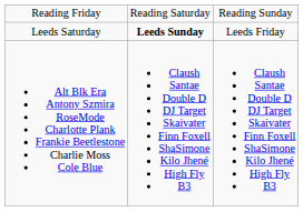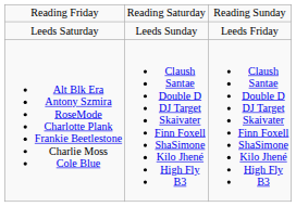 <table class="wikitable" style="text-align:center;">
 <tr>
 <td>Reading Friday</td>
 <td>Reading Saturday</td>
 <td>Reading Sunday</td>
 </tr>
 <tr>
 <td>Leeds Saturday</td>
-<td><strong>Leeds Sunday</strong></td>
+<td>Leeds Sunday</td>
 <td>Leeds Friday</td>
 </tr>
 <tr>
 <td><br><ul><li><a href='#'>Alt Blk Era</a></li><li><a href='#'>Antony Szmira</a></li><li><a href='#'>RoseMode</a></li><li><a href='#'>Charlotte Plank</a></li><li><a href='#'>Frankie Beetlestone</a></li><li>Charlie Moss</li><li><a href='#'>Cole Blue</a></li></ul></td>
 <td><br><ul><li><a href='#'>Claush</a></li><li><a href='#'>Santae</a></li><li><a href='#'>Double D</a></li><li><a href='#'>DJ Target</a></li><li><a href='#'>Skaivater</a></li><li><a href='#'>Finn Foxell</a></li><li><a href='#'>ShaSimone</a></li><li><a href='#'>Kilo Jhené</a></li><li><a href='#'>High Fly</a></li><li><a href='#'>B3</a></li></ul></td>
 <td><br><ul><li><a href='#'>Claush</a></li><li><a href='#'>Santae</a></li><li><a href='#'>Double D</a></li><li><a href='#'>DJ Target</a></li><li><a href='#'>Skaivater</a></li><li><a href='#'>Finn Foxell</a></li><li><a href='#'>ShaSimone</a></li><li><a href='#'>Kilo Jhené</a></li><li><a href='#'>High Fly</a></li><li><a href='#'>B3</a></li></ul></td>
 </tr>
 </table>
